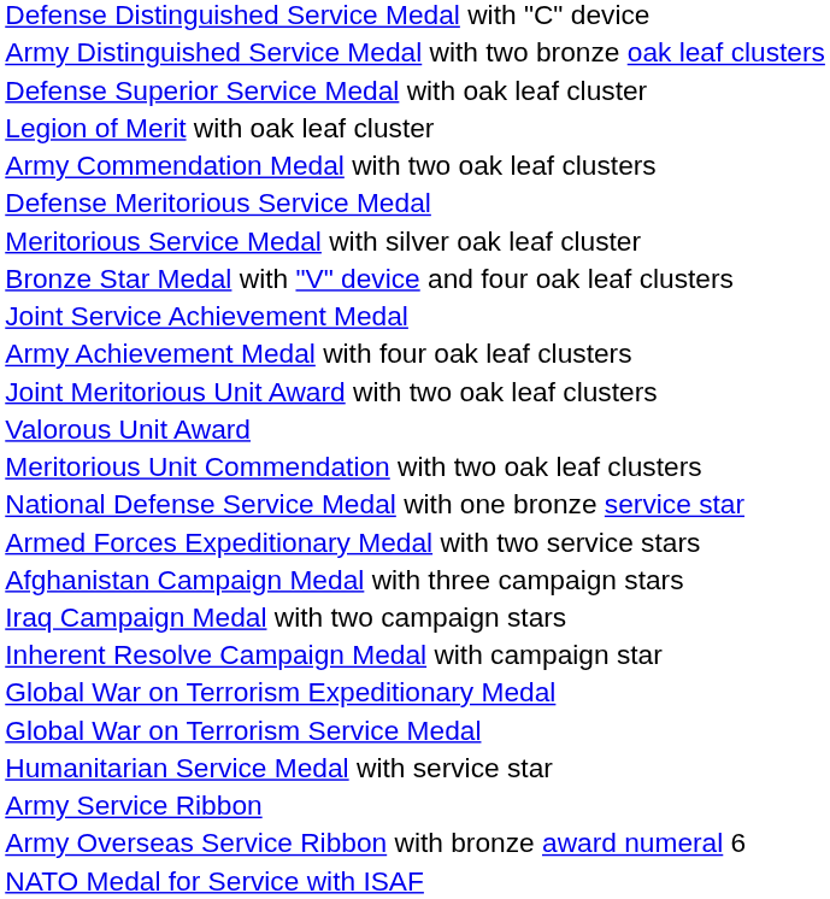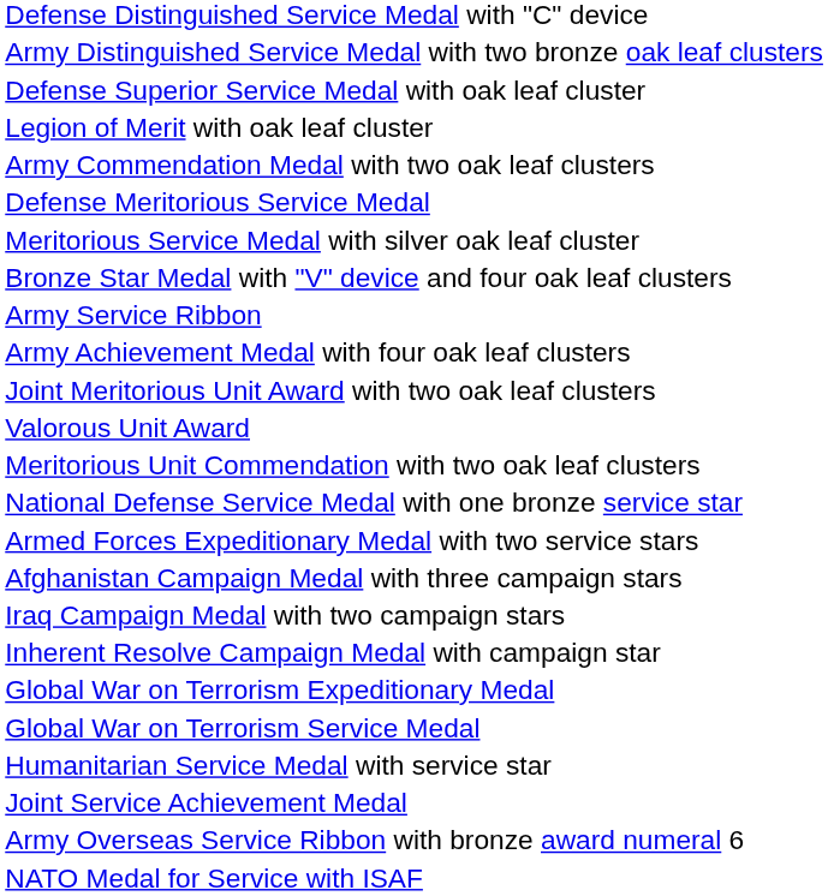 <table>
 <tr>
 <td><span></span> <a href='#'>Defense Distinguished Service Medal</a> with "C" device</td>
 </tr>
 <tr>
 <td><span></span><span></span> <a href='#'>Army Distinguished Service Medal</a> with two bronze <a href='#'>oak leaf clusters</a></td>
 </tr>
 <tr>
 <td> <a href='#'>Defense Superior Service Medal</a> with oak leaf cluster</td>
 </tr>
 <tr>
 <td> <a href='#'>Legion of Merit</a> with oak leaf cluster</td>
 </tr>
 <tr>
 <td><span></span><span></span> <a href='#'>Army Commendation Medal</a> with two oak leaf clusters</td>
 </tr>
 <tr>
 <td> <a href='#'>Defense Meritorious Service Medal</a></td>
 </tr>
 <tr>
 <td> <a href='#'>Meritorious Service Medal</a> with silver oak leaf cluster</td>
 </tr>
 <tr>
 <td><span></span><span></span><span></span><span></span><span></span> <a href='#'>Bronze Star Medal</a> with <a href='#'>"V" device</a> and four oak leaf clusters</td>
 </tr>
 <tr>
-<td> <a href='#'>Joint Service Achievement Medal</a></td>
+<td> <a href='#'>Army Service Ribbon</a></td>
 </tr>
 <tr>
 <td><span></span><span></span><span></span><span></span> <a href='#'>Army Achievement Medal</a> with four oak leaf clusters</td>
 </tr>
 <tr>
 <td><span></span><span></span> <a href='#'>Joint Meritorious Unit Award</a> with two oak leaf clusters</td>
 </tr>
 <tr>
 <td> <a href='#'>Valorous Unit Award</a></td>
 </tr>
 <tr>
 <td><span></span><span></span> <a href='#'>Meritorious Unit Commendation</a> with two oak leaf clusters</td>
 </tr>
 <tr>
 <td> <a href='#'>National Defense Service Medal</a> with one bronze <a href='#'>service star</a></td>
 </tr>
 <tr>
 <td><span></span><span></span> <a href='#'>Armed Forces Expeditionary Medal</a> with two service stars</td>
 </tr>
 <tr>
 <td><span></span><span></span><span></span> <a href='#'>Afghanistan Campaign Medal</a> with three campaign stars</td>
 </tr>
 <tr>
 <td><span></span><span></span> <a href='#'>Iraq Campaign Medal</a> with two campaign stars</td>
 </tr>
 <tr>
 <td> <a href='#'>Inherent Resolve Campaign Medal</a> with campaign star</td>
 </tr>
 <tr>
 <td> <a href='#'>Global War on Terrorism Expeditionary Medal</a></td>
 </tr>
 <tr>
 <td> <a href='#'>Global War on Terrorism Service Medal</a></td>
 </tr>
 <tr>
 <td> <a href='#'>Humanitarian Service Medal</a> with service star</td>
 </tr>
 <tr>
-<td> <a href='#'>Army Service Ribbon</a></td>
+<td> <a href='#'>Joint Service Achievement Medal</a></td>
 </tr>
 <tr>
 <td><span></span> <a href='#'>Army Overseas Service Ribbon</a> with bronze <a href='#'>award numeral</a> 6</td>
 </tr>
 <tr>
 <td> <a href='#'>NATO Medal for Service with ISAF</a></td>
 </tr>
 </table>
